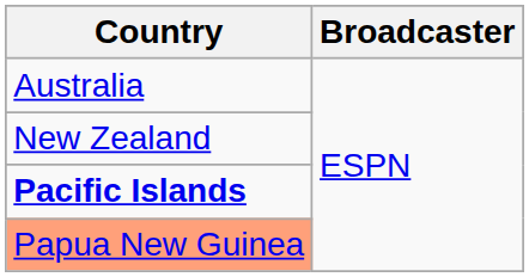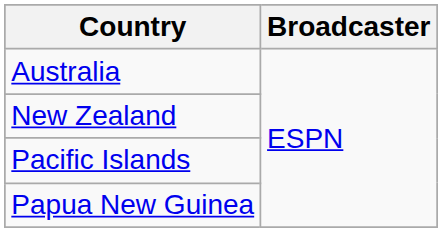 <table class="wikitable">
 <tr>
 <th>Country</th>
 <th>Broadcaster</th>
 </tr>
 <tr>
 <td> <a href='#'>Australia</a></td>
 <td rowspan=4><a href='#'>ESPN</a></td>
 </tr>
 <tr>
 <td> <a href='#'>New Zealand</a></td>
 </tr>
 <tr>
-<td><strong> <a href='#'>Pacific Islands</a></strong></td>
+<td> <a href='#'>Pacific Islands</a></td>
 </tr>
 <tr>
-<td style="background: lightsalmon;"> <a href='#'>Papua New Guinea</a></td>
+<td> <a href='#'>Papua New Guinea</a></td>
 </tr>
 </table>
